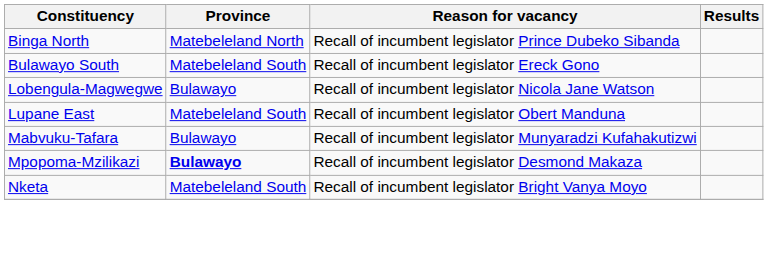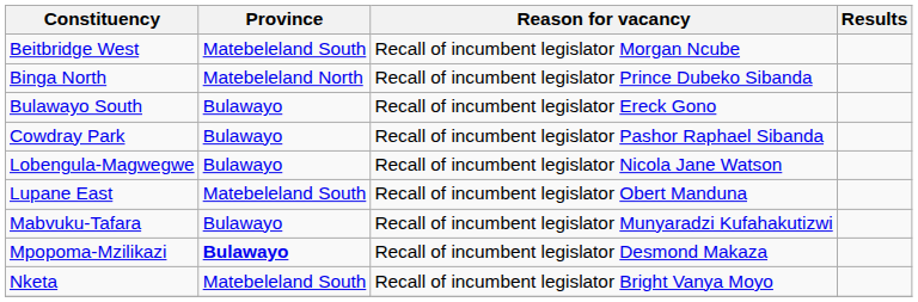 <table class="wikitable sortable">
 <tr>
 <th>Constituency</th>
 <th>Province</th>
 <th>Reason for vacancy</th>
 <th>Results</th>
+</tr>
+<tr>
+<td><a href='#'>Beitbridge West</a></td>
+<td><a href='#'>Matebeleland South</a></td>
+<td>Recall of incumbent legislator <a href='#'>Morgan Ncube</a></td>
+<td><br></td>
 </tr>
 <tr>
 <td><a href='#'>Binga North</a></td>
 <td><a href='#'>Matebeleland North</a></td>
 <td>Recall of incumbent legislator <a href='#'>Prince Dubeko Sibanda</a></td>
 <td></td>
 </tr>
 <tr>
 <td><a href='#'>Bulawayo South</a></td>
-<td><a href='#'>Matebeleland South</a></td>
+<td><a href='#'>Bulawayo</a></td>
 <td>Recall of incumbent legislator <a href='#'>Ereck Gono</a></td>
+<td></td>
+</tr>
+<tr>
+<td><a href='#'>Cowdray Park</a></td>
+<td><a href='#'>Bulawayo</a></td>
+<td>Recall of incumbent legislator <a href='#'>Pashor Raphael Sibanda</a></td>
 <td></td>
 </tr>
 <tr>
 <td><a href='#'>Lobengula-Magwegwe</a></td>
 <td><a href='#'>Bulawayo</a></td>
 <td>Recall of incumbent legislator <a href='#'>Nicola Jane Watson</a></td>
 <td></td>
 </tr>
 <tr>
 <td><a href='#'>Lupane East</a></td>
 <td><a href='#'>Matebeleland South</a></td>
 <td>Recall of incumbent legislator <a href='#'>Obert Manduna</a></td>
 <td></td>
 </tr>
 <tr>
 <td><a href='#'>Mabvuku-Tafara</a></td>
 <td><a href='#'>Bulawayo</a></td>
 <td>Recall of incumbent legislator <a href='#'>Munyaradzi Kufahakutizwi</a></td>
 <td><br>    </td>
 </tr>
 <tr>
 <td><a href='#'>Mpopoma-Mzilikazi</a></td>
 <td><strong><a href='#'>Bulawayo</a></strong></td>
 <td>Recall of incumbent legislator <a href='#'>Desmond Makaza</a></td>
 <td></td>
 </tr>
 <tr>
 <td><a href='#'>Nketa</a></td>
 <td><a href='#'>Matebeleland South</a></td>
 <td>Recall of incumbent legislator <a href='#'>Bright Vanya Moyo</a></td>
 <td></td>
 </tr>
 <tr>
 </tr>
 </table>
